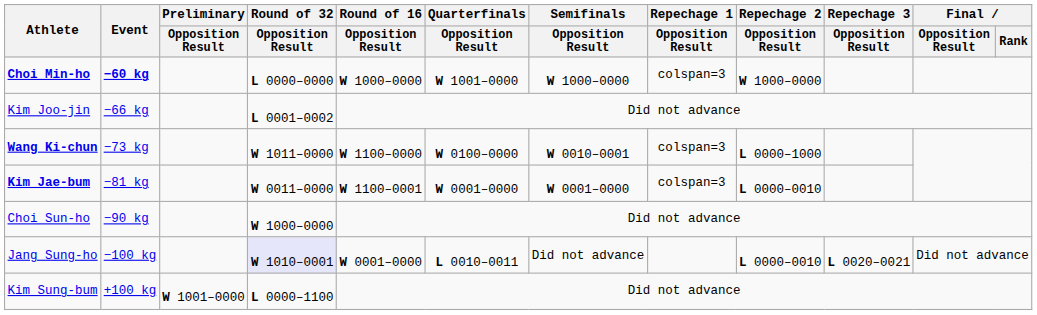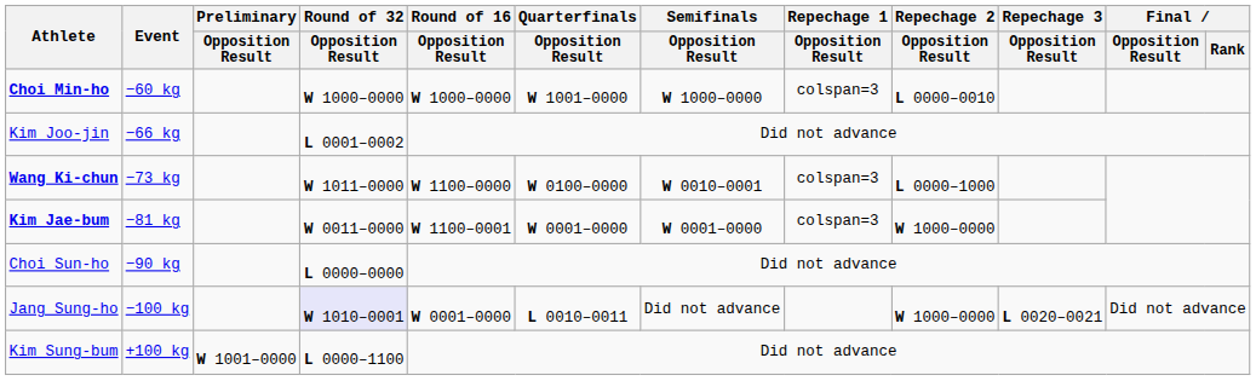 <table class="wikitable" style="font-size:90%">
 <tr>
 <th rowspan="2">Athlete</th>
 <th rowspan="2">Event</th>
 <th>Preliminary</th>
 <th>Round of 32</th>
 <th>Round of 16</th>
 <th>Quarterfinals</th>
 <th>Semifinals</th>
 <th>Repechage 1</th>
 <th>Repechage 2</th>
 <th>Repechage 3</th>
 <th colspan=2>Final / </th>
 </tr>
 <tr style="font-size:95%">
 <th>Opposition<br>Result</th>
 <th>Opposition<br>Result</th>
 <th>Opposition<br>Result</th>
 <th>Opposition<br>Result</th>
 <th>Opposition<br>Result</th>
 <th>Opposition<br>Result</th>
 <th>Opposition<br>Result</th>
 <th>Opposition<br>Result</th>
 <th>Opposition<br>Result</th>
 <th>Rank</th>
 </tr>
 <tr align=center>
 <td align=left><strong><a href='#'>Choi Min-ho</a></strong></td>
-<td align=left><strong><a href='#'>−60 kg</a></strong></td>
+<td align=left><a href='#'>−60 kg</a></td>
 <td></td>
-<td><br><strong>L</strong> 0000–0000 </td>
+<td><br><strong>W</strong> 1000–0000</td>
 <td><br><strong>W</strong> 1000–0000</td>
 <td><br><strong>W</strong> 1001–0000</td>
 <td><br><strong>W</strong> 1000–0000</td>
 <td>colspan=3 </td>
-<td><br><strong>W</strong> 1000–0000</td>
+<td><br><strong>L</strong> 0000–0010</td>
 <td></td>
 </tr>
 <tr align=center>
 <td align=left><a href='#'>Kim Joo-jin</a></td>
 <td align=left><a href='#'>−66 kg</a></td>
 <td></td>
 <td><br><strong>L</strong> 0001–0002</td>
 <td colspan=8>Did not advance</td>
 </tr>
 <tr align=center>
 <td align=left><strong><a href='#'>Wang Ki-chun</a></strong></td>
 <td align=left><a href='#'>−73 kg</a></td>
 <td></td>
 <td><br><strong>W</strong> 1011–0000</td>
 <td><br><strong>W</strong> 1100–0000</td>
 <td><br><strong>W</strong> 0100–0000</td>
 <td><br><strong>W</strong> 0010–0001</td>
 <td>colspan=3 </td>
 <td><br><strong>L</strong> 0000–1000</td>
 <td></td>
 </tr>
 <tr align=center>
 <td align=left><strong><a href='#'>Kim Jae-bum</a></strong></td>
 <td align=left><a href='#'>−81 kg</a></td>
 <td></td>
 <td><br><strong>W</strong> 0011–0000</td>
 <td><br><strong>W</strong> 1100–0001</td>
 <td><br><strong>W</strong> 0001–0000</td>
 <td><br><strong>W</strong> 0001–0000</td>
 <td>colspan=3 </td>
-<td><br><strong>L</strong> 0000–0010</td>
+<td><br><strong>W</strong> 1000–0000</td>
 <td></td>
 </tr>
 <tr align=center>
 <td align=left><a href='#'>Choi Sun-ho</a></td>
 <td align=left><a href='#'>−90 kg</a></td>
 <td></td>
-<td><br><strong>W</strong> 1000–0000</td>
+<td><br><strong>L</strong> 0000–0000 </td>
 <td colspan=8>Did not advance</td>
 </tr>
 <tr align=center>
 <td align=left><a href='#'>Jang Sung-ho</a></td>
 <td align=left><a href='#'>−100 kg</a></td>
 <td></td>
 <td style="background: lavender;"><br><strong>W</strong> 1010–0001</td>
 <td><br><strong>W</strong> 0001–0000</td>
 <td><br><strong>L</strong> 0010–0011</td>
 <td>Did not advance</td>
 <td></td>
-<td><br><strong>L</strong> 0000–0010</td>
+<td><br><strong>W</strong> 1000–0000</td>
 <td><br><strong>L</strong> 0020–0021</td>
 <td colspan=2>Did not advance</td>
 </tr>
 <tr align=center>
 <td align=left><a href='#'>Kim Sung-bum</a></td>
 <td align=left><a href='#'>+100 kg</a></td>
 <td><br><strong>W</strong> 1001–0000</td>
 <td><br><strong>L</strong> 0000–1100</td>
 <td colspan=8>Did not advance</td>
 </tr>
 </table>
